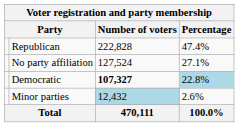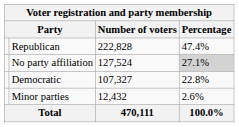 <table class="wikitable">
 <tr>
 <th colspan="4">Voter registration and party membership</th>
 </tr>
 <tr>
 <th colspan="2">Party</th>
 <th>Number of voters</th>
 <th>Percentage</th>
 </tr>
 <tr>
 <td></td>
 <td>Republican</td>
 <td>222,828</td>
 <td>47.4%</td>
 </tr>
 <tr>
 <td></td>
 <td>No party affiliation</td>
 <td>127,524</td>
-<td>27.1%</td>
+<td style="background: lightgrey;">27.1%</td>
 </tr>
 <tr>
 <td></td>
 <td>Democratic</td>
-<td><strong>107,327</strong></td>
-<td style="background: lightblue;">22.8%</td>
+<td>107,327</td>
+<td>22.8%</td>
 </tr>
 <tr>
 <td></td>
 <td>Minor parties</td>
-<td style="background: lightblue;">12,432</td>
+<td>12,432</td>
 <td>2.6%</td>
 </tr>
 <tr>
 <th colspan="2">Total</th>
 <th>470,111</th>
 <th>100.0%</th>
 </tr>
 </table>
